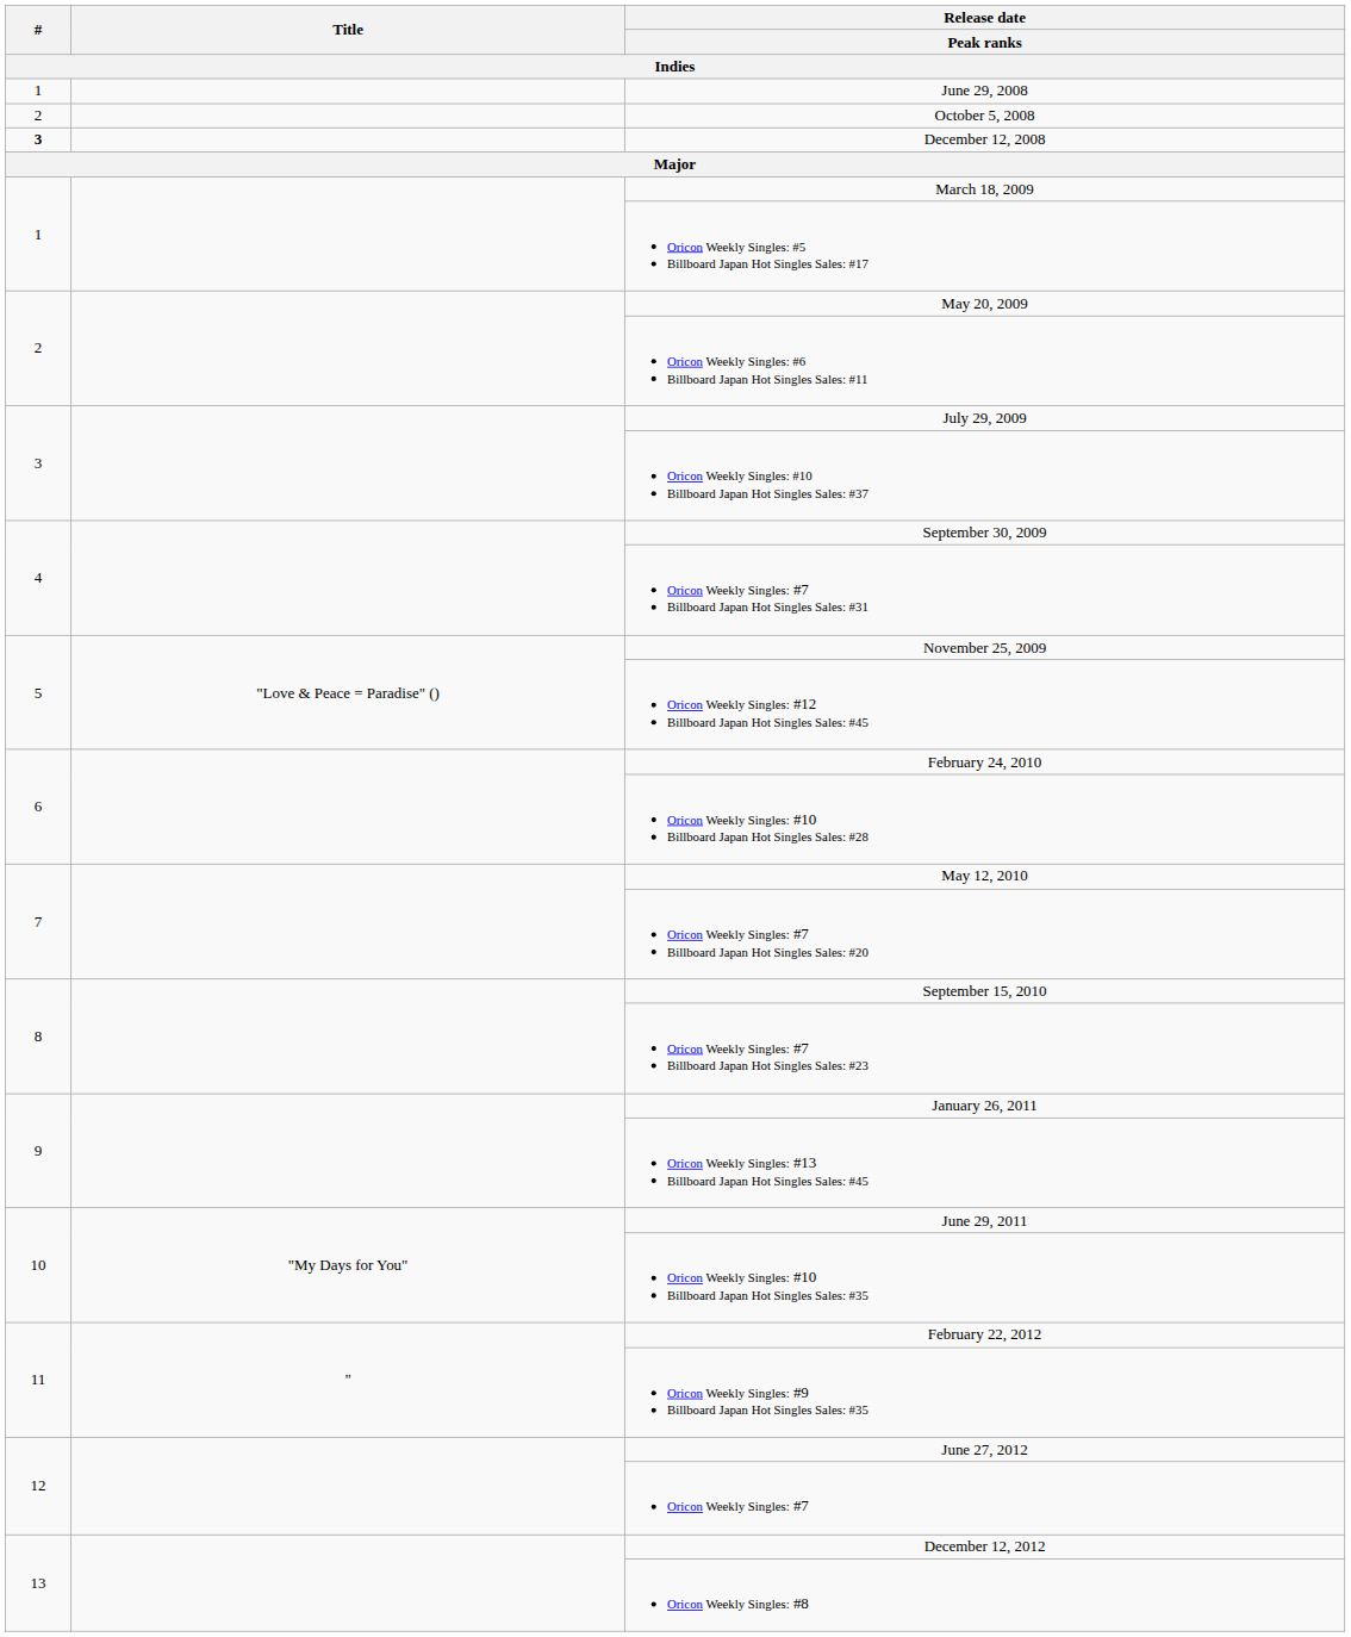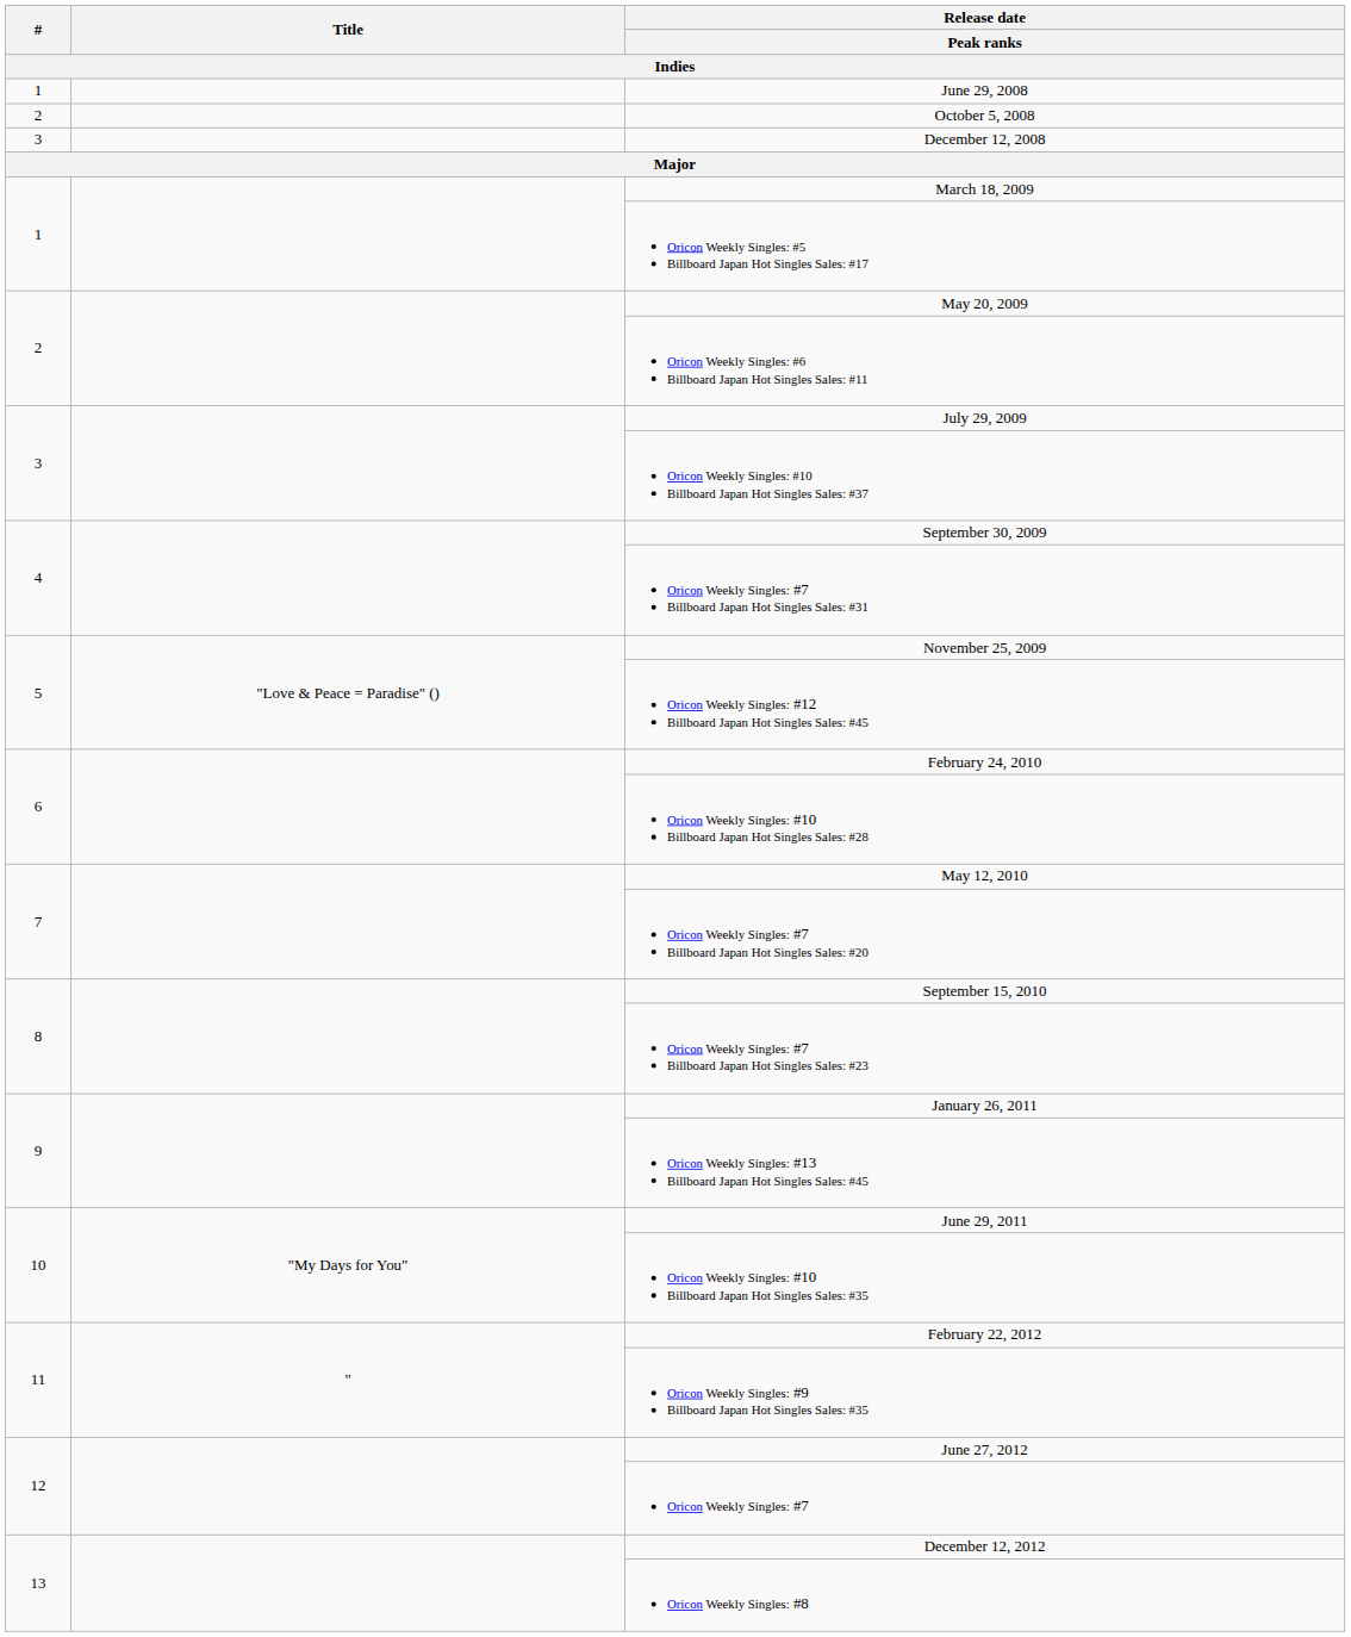 <table class="wikitable" style="text-align:center" width=70%>
 <tr>
 <th rowspan=2>#</th>
 <th rowspan=2>Title</th>
 <th>Release date</th>
 </tr>
 <tr>
 <th>Peak ranks</th>
 </tr>
 <tr>
 <th colspan="3">Indies</th>
 </tr>
 <tr>
 <td>1</td>
 <td></td>
 <td>June 29, 2008</td>
 </tr>
 <tr>
 <td>2</td>
 <td></td>
 <td>October 5, 2008</td>
 </tr>
 <tr>
-<td><strong>3</strong></td>
+<td>3</td>
 <td></td>
 <td>December 12, 2008</td>
 </tr>
 <tr>
 <th colspan="3">Major</th>
 </tr>
 <tr>
 <td rowspan=2>1</td>
 <td rowspan=2></td>
 <td>March 18, 2009</td>
 </tr>
 <tr>
 <td align="left"><br><ul><li><small><a href='#'>Oricon</a> Weekly Singles: #5</small></li><li><small>Billboard Japan Hot Singles Sales: #17</small></li></ul></td>
 </tr>
 <tr>
 <td rowspan=2>2</td>
 <td rowspan=2></td>
 <td>May 20, 2009</td>
 </tr>
 <tr>
 <td align="left"><br><ul><li><small><a href='#'>Oricon</a> Weekly Singles: #6</small></li><li><small>Billboard Japan Hot Singles Sales: #11</small></li></ul></td>
 </tr>
 <tr>
 <td rowspan=2>3</td>
 <td rowspan=2></td>
 <td>July 29, 2009</td>
 </tr>
 <tr>
 <td align="left"><br><ul><li><small><a href='#'>Oricon</a> Weekly Singles: #10</small></li><li><small>Billboard Japan Hot Singles Sales: #37</small></li></ul></td>
 </tr>
 <tr>
 <td rowspan=2>4</td>
 <td rowspan=2></td>
 <td>September 30, 2009</td>
 </tr>
 <tr>
 <td align="left"><br><ul><li><small><a href='#'>Oricon</a> Weekly Singles:</small> #7</li><li><small>Billboard Japan Hot Singles Sales: #31</small></li></ul></td>
 </tr>
 <tr>
 <td rowspan=2>5</td>
 <td rowspan=2>"Love & Peace = Paradise" ()</td>
 <td>November 25, 2009</td>
 </tr>
 <tr>
 <td align="left"><br><ul><li><small><a href='#'>Oricon</a> Weekly Singles:</small> #12</li><li><small>Billboard Japan Hot Singles Sales: #45</small></li></ul></td>
 </tr>
 <tr>
 <td rowspan=2>6</td>
 <td rowspan=2></td>
 <td>February 24, 2010</td>
 </tr>
 <tr>
 <td align="left"><br><ul><li><small><a href='#'>Oricon</a> Weekly Singles:</small> #10</li><li><small>Billboard Japan Hot Singles Sales: #28</small></li></ul></td>
 </tr>
 <tr>
 <td rowspan=2>7</td>
 <td rowspan=2></td>
 <td>May 12, 2010</td>
 </tr>
 <tr>
 <td align="left"><br><ul><li><small><a href='#'>Oricon</a> Weekly Singles:</small> #7</li><li><small>Billboard Japan Hot Singles Sales: #20</small></li></ul></td>
 </tr>
 <tr>
 <td rowspan=2>8</td>
 <td rowspan=2></td>
 <td>September 15, 2010</td>
 </tr>
 <tr>
 <td align="left"><br><ul><li><small><a href='#'>Oricon</a> Weekly Singles:</small> #7</li><li><small>Billboard Japan Hot Singles Sales: #23</small></li></ul></td>
 </tr>
 <tr>
 <td rowspan=2>9</td>
 <td rowspan=2></td>
 <td>January 26, 2011</td>
 </tr>
 <tr>
 <td align="left"><br><ul><li><small><a href='#'>Oricon</a> Weekly Singles:</small> #13</li><li><small>Billboard Japan Hot Singles Sales: #45</small></li></ul></td>
 </tr>
 <tr>
 <td rowspan=2>10</td>
 <td rowspan=2>"My Days for You"</td>
 <td>June 29, 2011</td>
 </tr>
 <tr>
 <td align="left"><br><ul><li><small><a href='#'>Oricon</a> Weekly Singles:</small> #10</li><li><small>Billboard Japan Hot Singles Sales: #35</small></li></ul></td>
 </tr>
 <tr>
 <td rowspan=2>11</td>
 <td rowspan=2>"</td>
 <td>February 22, 2012</td>
 </tr>
 <tr>
 <td align="left"><br><ul><li><small><a href='#'>Oricon</a> Weekly Singles:</small> #9</li><li><small>Billboard Japan Hot Singles Sales: #35</small></li></ul></td>
 </tr>
 <tr>
 <td rowspan=2>12</td>
 <td rowspan=2></td>
 <td>June 27, 2012</td>
 </tr>
 <tr>
 <td align="left"><br><ul><li><small><a href='#'>Oricon</a> Weekly Singles:</small> #7</li></ul></td>
 </tr>
 <tr>
 <td rowspan=2>13</td>
 <td rowspan=2></td>
 <td>December 12, 2012</td>
 </tr>
 <tr>
 <td align="left"><br><ul><li><small><a href='#'>Oricon</a> Weekly Singles:</small> #8</li></ul></td>
 </tr>
 </table>
